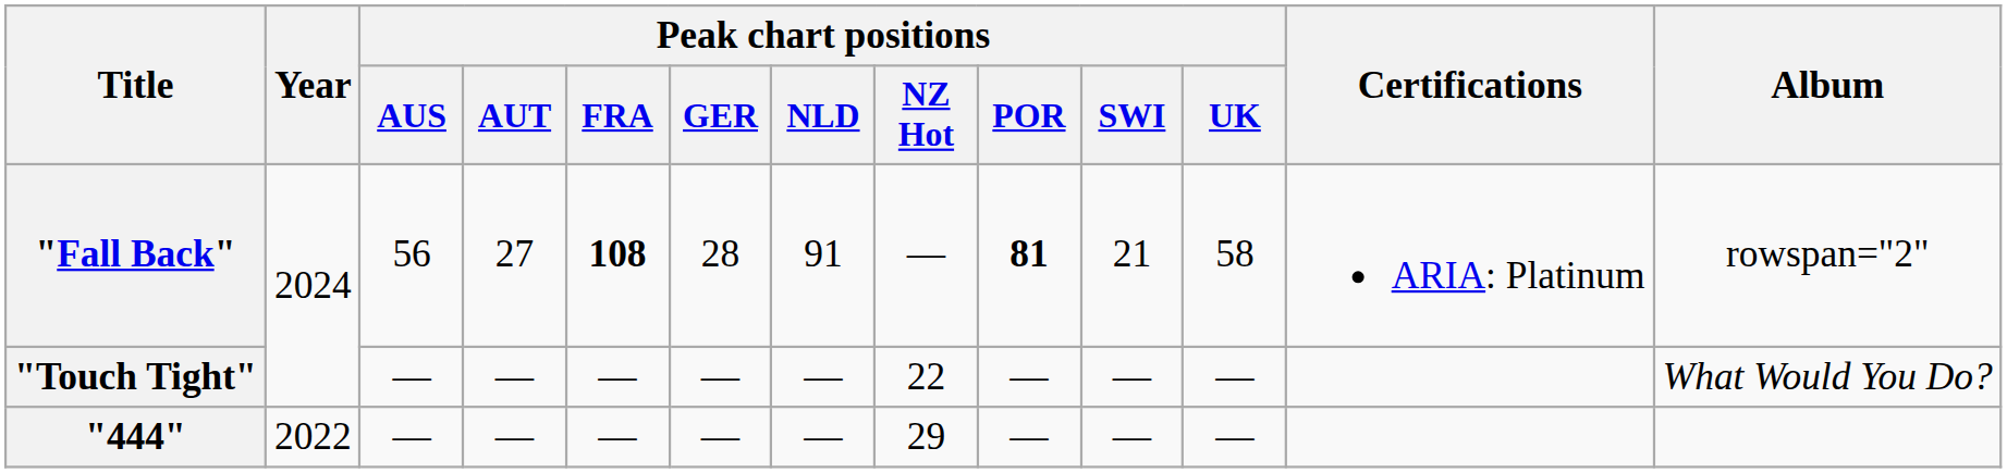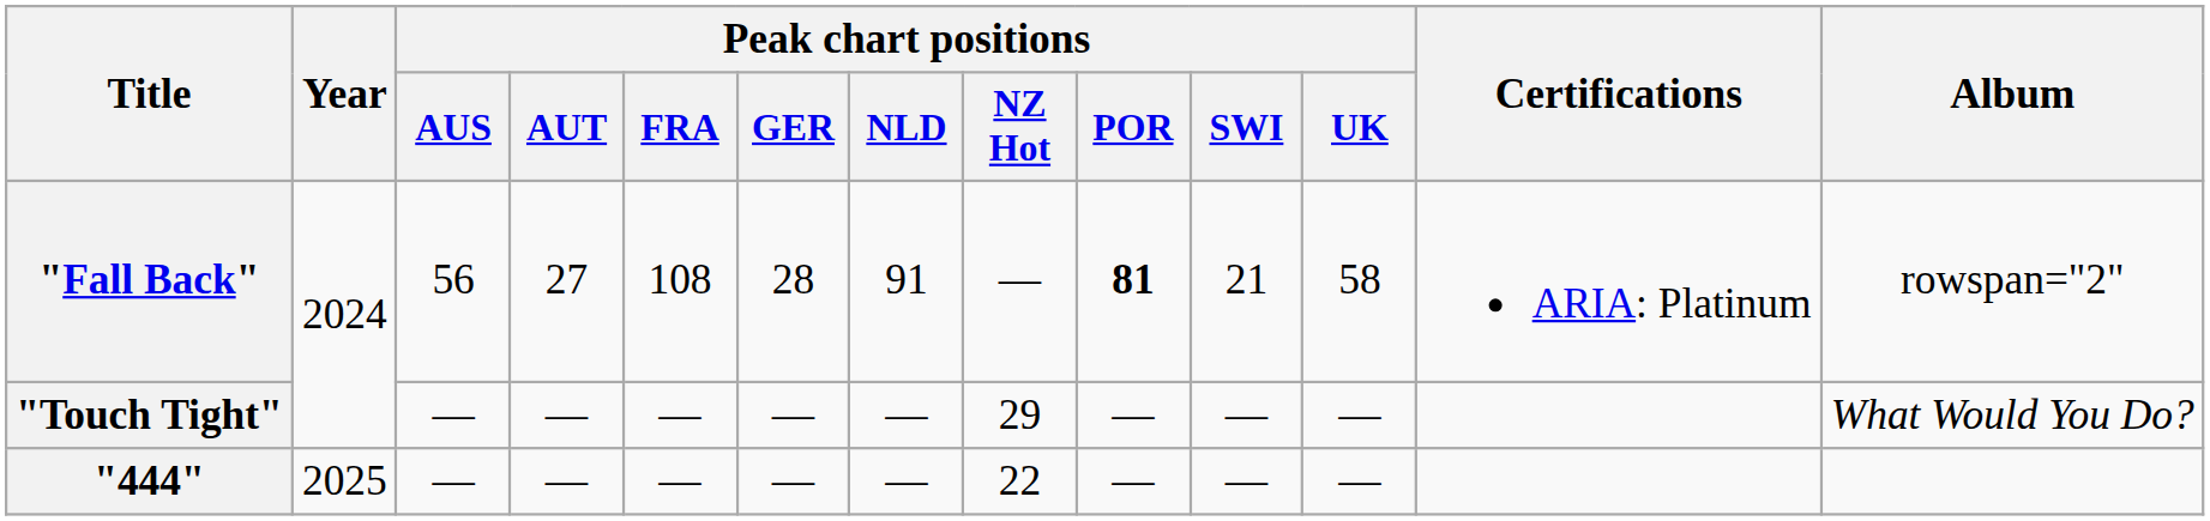 <table class="wikitable plainrowheaders" style="text-align:center;">
 <tr>
 <th scope="col" rowspan="2">Title</th>
 <th scope="col" rowspan="2">Year</th>
 <th scope="col" colspan="9">Peak chart positions</th>
 <th scope="col" rowspan="2">Certifications</th>
 <th scope="col" rowspan="2">Album</th>
 </tr>
 <tr>
 <th scope="col" style="width:2.5em;font-size:90%;"><a href='#'>AUS</a><br></th>
 <th scope="col" style="width:2.5em;font-size:90%;"><a href='#'>AUT</a><br></th>
 <th scope="col" style="width:2.5em;font-size:90%;"><a href='#'>FRA</a><br></th>
 <th scope="col" style="width:2.5em;font-size:90%;"><a href='#'>GER</a><br></th>
 <th scope="col" style="width:2.5em;font-size:90%;"><a href='#'>NLD</a><br></th>
 <th scope="col" style="width:2.5em;font-size:90%;"><a href='#'>NZ<br>Hot</a><br></th>
 <th scope="col" style="width:2.5em;font-size:90%;"><a href='#'>POR</a><br></th>
 <th scope="col" style="width:2.5em;font-size:90%;"><a href='#'>SWI</a><br></th>
 <th scope="col" style="width:2.5em;font-size:90%;"><a href='#'>UK</a><br></th>
 </tr>
 <tr>
 <th scope="row">"<a href='#'>Fall Back</a>"</th>
 <td rowspan="2">2024</td>
 <td>56</td>
 <td>27</td>
-<td><strong>108</strong></td>
+<td>108</td>
 <td>28</td>
 <td>91</td>
 <td>—</td>
 <td><strong>81</strong></td>
 <td>21</td>
 <td>58</td>
 <td><br><ul><li><a href='#'>ARIA</a>: Platinum</li></ul></td>
 <td>rowspan="2" </td>
 </tr>
 <tr>
 <th scope="row">"Touch Tight"</th>
 <td>—</td>
 <td>—</td>
 <td>—</td>
 <td>—</td>
 <td>—</td>
-<td>22</td>
+<td>29</td>
 <td>—</td>
 <td>—</td>
 <td>—</td>
 <td></td>
 <td><em>What Would You Do?</em></td>
 </tr>
 <tr>
 <th scope="row">"444"</th>
-<td>2022</td>
+<td>2025</td>
 <td>—</td>
 <td>—</td>
 <td>—</td>
 <td>—</td>
 <td>—</td>
-<td>29</td>
+<td>22</td>
 <td>—</td>
 <td>—</td>
 <td>—</td>
 <td></td>
 </tr>
 </table>
